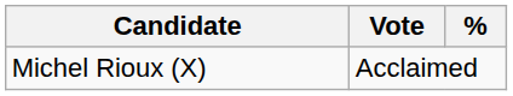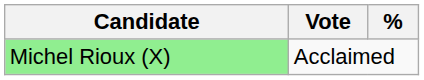 <table class="wikitable">
 <tr>
 <th bgcolor="#DDDDFF" width="200px">Candidate</th>
 <th bgcolor="#DDDDFF" width="50px">Vote</th>
 <th bgcolor="#DDDDFF" width="30px">%</th>
 </tr>
 <tr>
-<td>Michel Rioux (X)</td>
+<td style="background: lightgreen;">Michel Rioux (X)</td>
 <td colspan="2">Acclaimed</td>
 </tr>
 </table>
